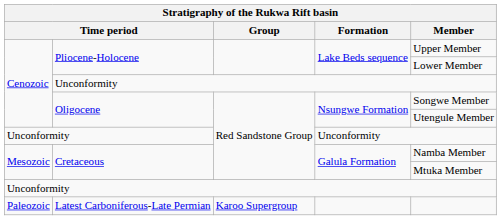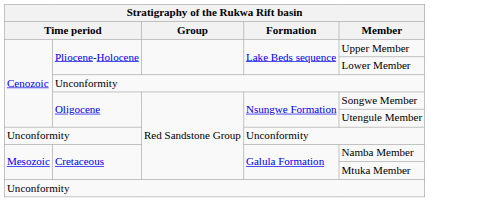 <table class="wikitable">
 <tr>
 <th colspan="5">Stratigraphy of the Rukwa Rift basin</th>
 </tr>
 <tr>
 <th colspan="2">Time period</th>
 <th>Group</th>
 <th>Formation</th>
 <th>Member</th>
 </tr>
 <tr>
 <td rowspan="5"><a href='#'>Cenozoic</a></td>
 <td rowspan="2"><a href='#'>Pliocene</a>-<a href='#'>Holocene</a></td>
 <td rowspan="2"></td>
 <td rowspan="2"><a href='#'>Lake Beds sequence</a></td>
 <td>Upper Member</td>
 </tr>
 <tr>
 <td>Lower Member</td>
 </tr>
 <tr>
 <td colspan="4">Unconformity</td>
 </tr>
 <tr>
 <td rowspan="2"><a href='#'>Oligocene</a></td>
 <td rowspan="5">Red Sandstone Group</td>
 <td rowspan="2"><a href='#'>Nsungwe Formation</a></td>
 <td>Songwe Member</td>
 </tr>
 <tr>
 <td>Utengule Member</td>
 </tr>
 <tr>
 <td colspan="2">Unconformity</td>
 <td colspan="2">Unconformity</td>
 </tr>
 <tr>
 <td rowspan="2"><a href='#'>Mesozoic</a></td>
 <td rowspan="2"><a href='#'>Cretaceous</a></td>
 <td rowspan="2"><a href='#'>Galula Formation</a></td>
 <td>Namba Member</td>
 </tr>
 <tr>
 <td>Mtuka Member</td>
 </tr>
 <tr>
 <td colspan="5">Unconformity</td>
 </tr>
-<tr>
-<td><a href='#'>Paleozoic</a></td>
-<td><a href='#'>Latest Carboniferous</a>-<a href='#'>Late Permian</a></td>
-<td><a href='#'>Karoo Supergroup</a></td>
-<td></td>
-<td></td>
-</tr>
 </table>
